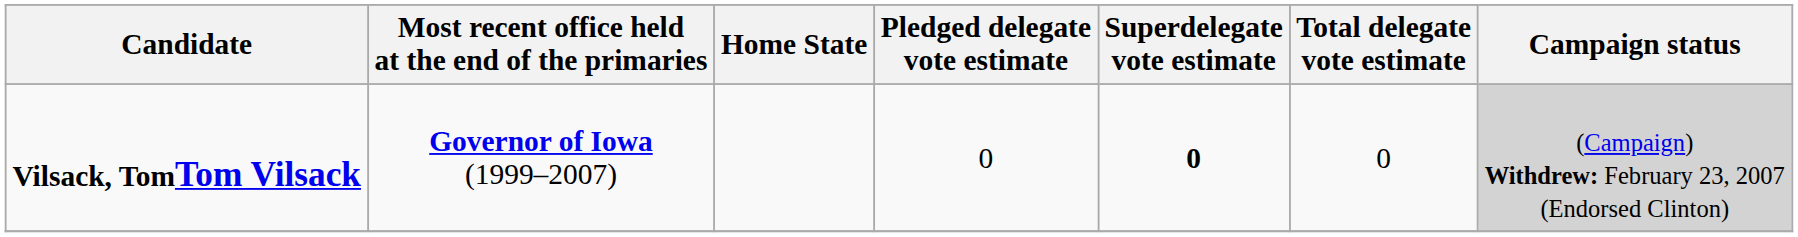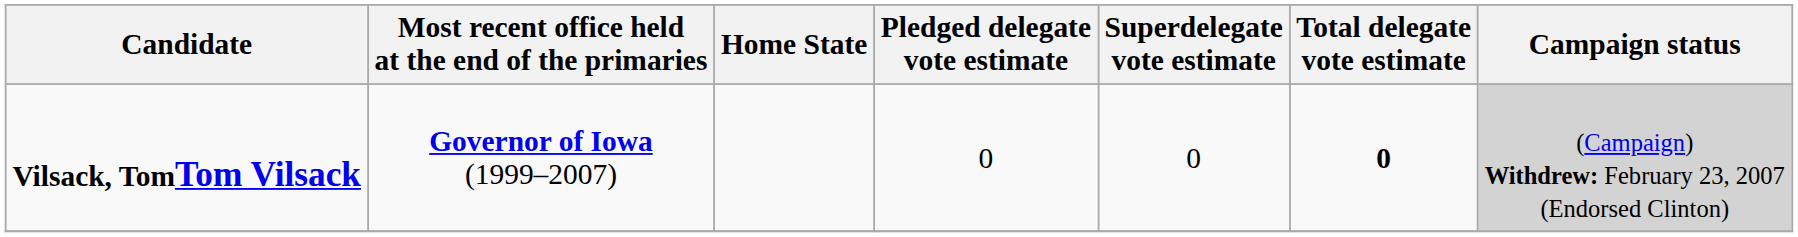 <table class="sortable wikitable" style="margin-left:0.5em; text-align:center">
 <tr>
 <th colspan=2>Candidate</th>
 <th class="unsortable">Most recent office held<br>at the end of the primaries</th>
 <th>Home State</th>
 <th>Pledged delegate<br>vote estimate</th>
 <th>Superdelegate<br>vote estimate</th>
 <th>Total delegate<br>vote estimate</th>
 <th>Campaign status</th>
 </tr>
 <tr>
 <td colspan="2"><br><strong><span>Vilsack, Tom</span><big><a href='#'>Tom Vilsack</a></big> </strong></td>
 <td><strong><a href='#'>Governor of Iowa</a></strong><br>(1999–2007)</td>
 <td></td>
 <td>0</td>
+<td>0</td>
 <td><strong>0</strong></td>
-<td>0</td>
 <td style="background: lightgrey;"><br><small>(<a href='#'>Campaign</a>)</small><br><small><strong>Withdrew:</strong> February 23, 2007</small><br><small>(Endorsed Clinton)</small></td>
 </tr>
 <tr>
 </tr>
 </table>
